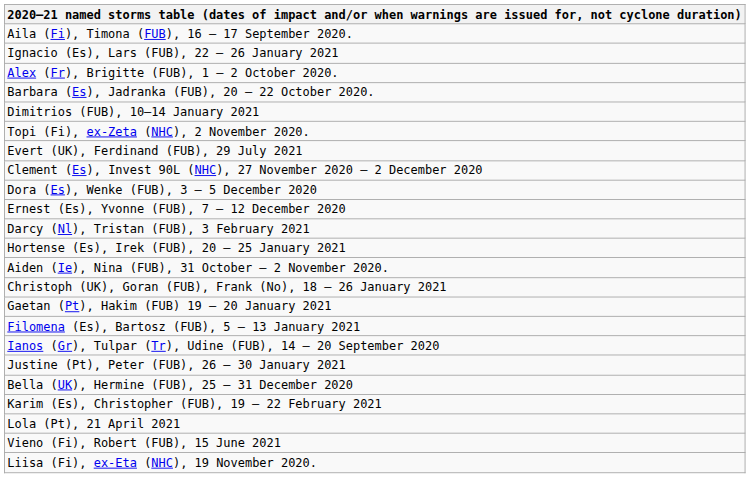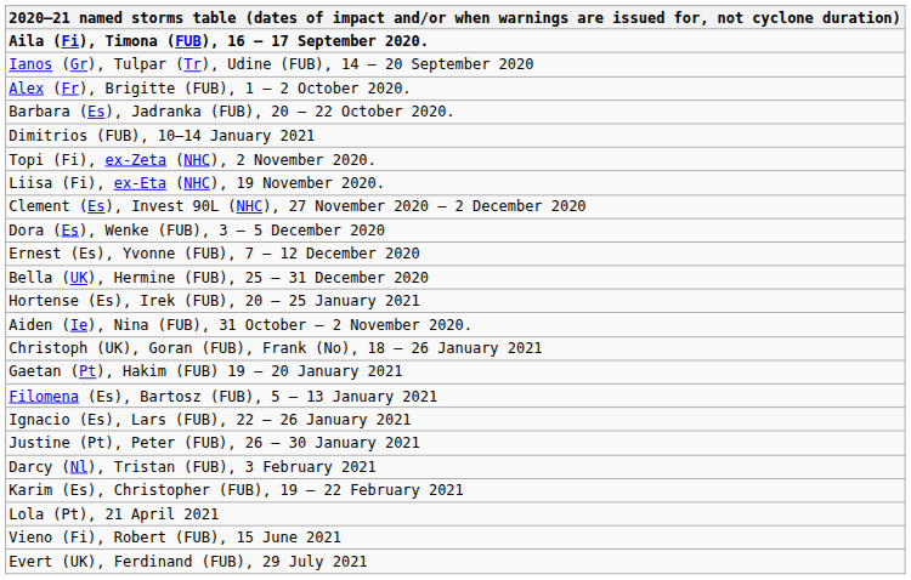 <table class="wikitable sortable">
 <tr>
 <th>2020–21 named storms table (dates of impact and/or when warnings are issued for, not cyclone duration)</th>
 </tr>
 <tr>
-<td>Aila (<a href='#'>Fi</a>), Timona (<a href='#'>FUB</a>), 16 – 17 September 2020.</td>
+<td><strong>Aila (<a href='#'>Fi</a>), Timona (<a href='#'>FUB</a>), 16 – 17 September 2020.</strong></td>
 </tr>
 <tr>
-<td>Ignacio (Es), Lars (FUB), 22 – 26 January 2021</td>
+<td><a href='#'>Ianos</a> (<a href='#'>Gr</a>), Tulpar (<a href='#'>Tr</a>), Udine (FUB), 14 – 20 September 2020</td>
 </tr>
 <tr>
 <td><a href='#'>Alex</a> (<a href='#'>Fr</a>), Brigitte (FUB), 1 – 2 October 2020.</td>
 </tr>
 <tr>
 <td>Barbara (<a href='#'>Es</a>), Jadranka (FUB), 20 – 22 October 2020.</td>
 </tr>
 <tr>
 <td>Dimitrios (FUB), 10–14 January 2021</td>
 </tr>
 <tr>
 <td>Topi (Fi), <a href='#'>ex-Zeta</a> (<a href='#'>NHC</a>), 2 November 2020.</td>
 </tr>
 <tr>
-<td>Evert (UK), Ferdinand (FUB), 29 July 2021</td>
+<td>Liisa (Fi), <a href='#'>ex-Eta</a> (<a href='#'>NHC</a>), 19 November 2020.</td>
 </tr>
 <tr>
 <td>Clement (<a href='#'>Es</a>), Invest 90L (<a href='#'>NHC</a>), 27 November 2020 – 2 December 2020</td>
 </tr>
 <tr>
 <td>Dora (<a href='#'>Es</a>), Wenke (FUB), 3 – 5 December 2020</td>
 </tr>
 <tr>
 <td>Ernest (Es), Yvonne (FUB), 7 – 12 December 2020</td>
 </tr>
 <tr>
-<td>Darcy (<a href='#'>Nl</a>), Tristan (FUB), 3 February 2021</td>
+<td>Bella (<a href='#'>UK</a>), Hermine (FUB), 25 – 31 December 2020</td>
 </tr>
 <tr>
 <td>Hortense (Es), Irek (FUB), 20 – 25 January 2021</td>
 </tr>
 <tr>
 <td>Aiden (<a href='#'>Ie</a>), Nina (FUB), 31 October – 2 November 2020.</td>
 </tr>
 <tr>
 <td>Christoph (UK), Goran (FUB), Frank (No), 18 – 26 January 2021</td>
 </tr>
 <tr>
 <td>Gaetan (<a href='#'>Pt</a>), Hakim (FUB) 19 – 20 January 2021</td>
 </tr>
 <tr>
 <td><a href='#'>Filomena</a> (Es), Bartosz (FUB), 5 – 13 January 2021</td>
 </tr>
 <tr>
-<td><a href='#'>Ianos</a> (<a href='#'>Gr</a>), Tulpar (<a href='#'>Tr</a>), Udine (FUB), 14 – 20 September 2020</td>
+<td>Ignacio (Es), Lars (FUB), 22 – 26 January 2021</td>
 </tr>
 <tr>
 <td>Justine (Pt), Peter (FUB), 26 – 30 January 2021</td>
 </tr>
 <tr>
-<td>Bella (<a href='#'>UK</a>), Hermine (FUB), 25 – 31 December 2020</td>
+<td>Darcy (<a href='#'>Nl</a>), Tristan (FUB), 3 February 2021</td>
 </tr>
 <tr>
 <td>Karim (Es), Christopher (FUB), 19 – 22 February 2021</td>
 </tr>
 <tr>
 <td>Lola (Pt), 21 April 2021</td>
 </tr>
 <tr>
 <td>Vieno (Fi), Robert (FUB), 15 June 2021</td>
 </tr>
 <tr>
-<td>Liisa (Fi), <a href='#'>ex-Eta</a> (<a href='#'>NHC</a>), 19 November 2020.</td>
+<td>Evert (UK), Ferdinand (FUB), 29 July 2021</td>
 </tr>
 </table>
